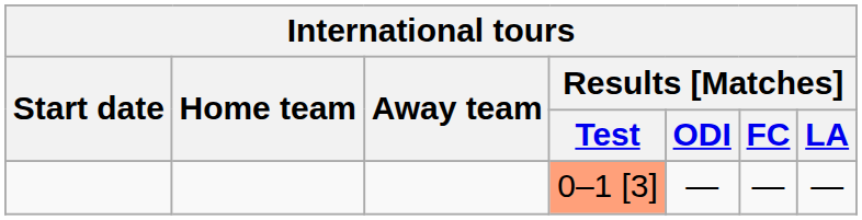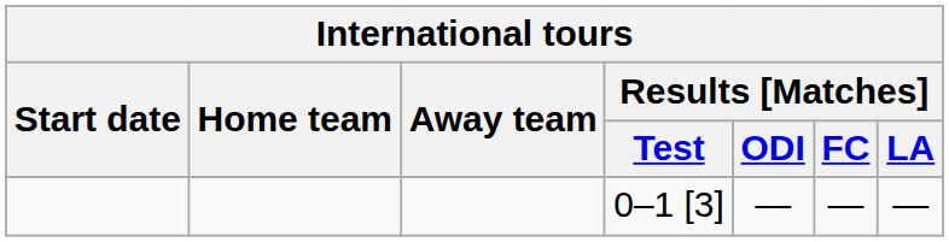 <table class="wikitable">
 <tr>
 <th colspan="7">International tours</th>
 </tr>
 <tr>
 <th rowspan="2">Start date</th>
 <th rowspan="2">Home team</th>
 <th rowspan="2">Away team</th>
 <th colspan="4">Results [Matches]</th>
 </tr>
 <tr>
 <th><a href='#'>Test</a></th>
 <th><a href='#'>ODI</a></th>
 <th><a href='#'>FC</a></th>
 <th><a href='#'>LA</a></th>
 </tr>
 <tr>
 <td><a href='#'></a></td>
 <td></td>
 <td></td>
-<td style="background: lightsalmon;">0–1 [3]</td>
+<td>0–1 [3]</td>
 <td ; style="text-align:center">—</td>
 <td ; style="text-align:center">—</td>
 <td ; style="text-align:center">—</td>
 </tr>
 </table>
